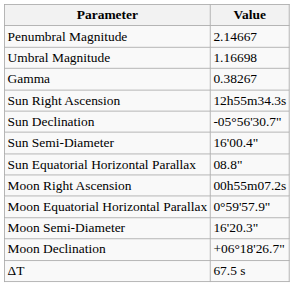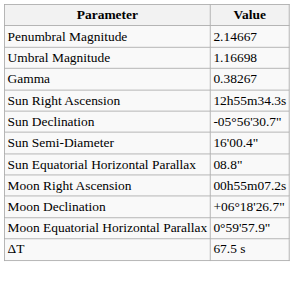 <table class="wikitable">
 <tr>
 <th>Parameter</th>
 <th>Value</th>
 </tr>
 <tr>
 <td>Penumbral Magnitude</td>
 <td>2.14667</td>
 </tr>
 <tr>
 <td>Umbral Magnitude</td>
 <td>1.16698</td>
 </tr>
 <tr>
 <td>Gamma</td>
 <td>0.38267</td>
 </tr>
 <tr>
 <td>Sun Right Ascension</td>
 <td>12h55m34.3s</td>
 </tr>
 <tr>
 <td>Sun Declination</td>
 <td>-05°56'30.7"</td>
 </tr>
 <tr>
 <td>Sun Semi-Diameter</td>
 <td>16'00.4"</td>
 </tr>
 <tr>
 <td>Sun Equatorial Horizontal Parallax</td>
 <td>08.8"</td>
 </tr>
 <tr>
 <td>Moon Right Ascension</td>
 <td>00h55m07.2s</td>
 </tr>
 <tr>
+<td>Moon Declination</td>
+<td>+06°18'26.7"</td>
+</tr>
+<tr>
 <td>Moon Equatorial Horizontal Parallax</td>
 <td>0°59'57.9"</td>
-</tr>
-<tr>
-<td>Moon Semi-Diameter</td>
-<td>16'20.3"</td>
-</tr>
-<tr>
-<td>Moon Declination</td>
-<td>+06°18'26.7"</td>
 </tr>
 <tr>
 <td>ΔT</td>
 <td>67.5 s</td>
 </tr>
 </table>
